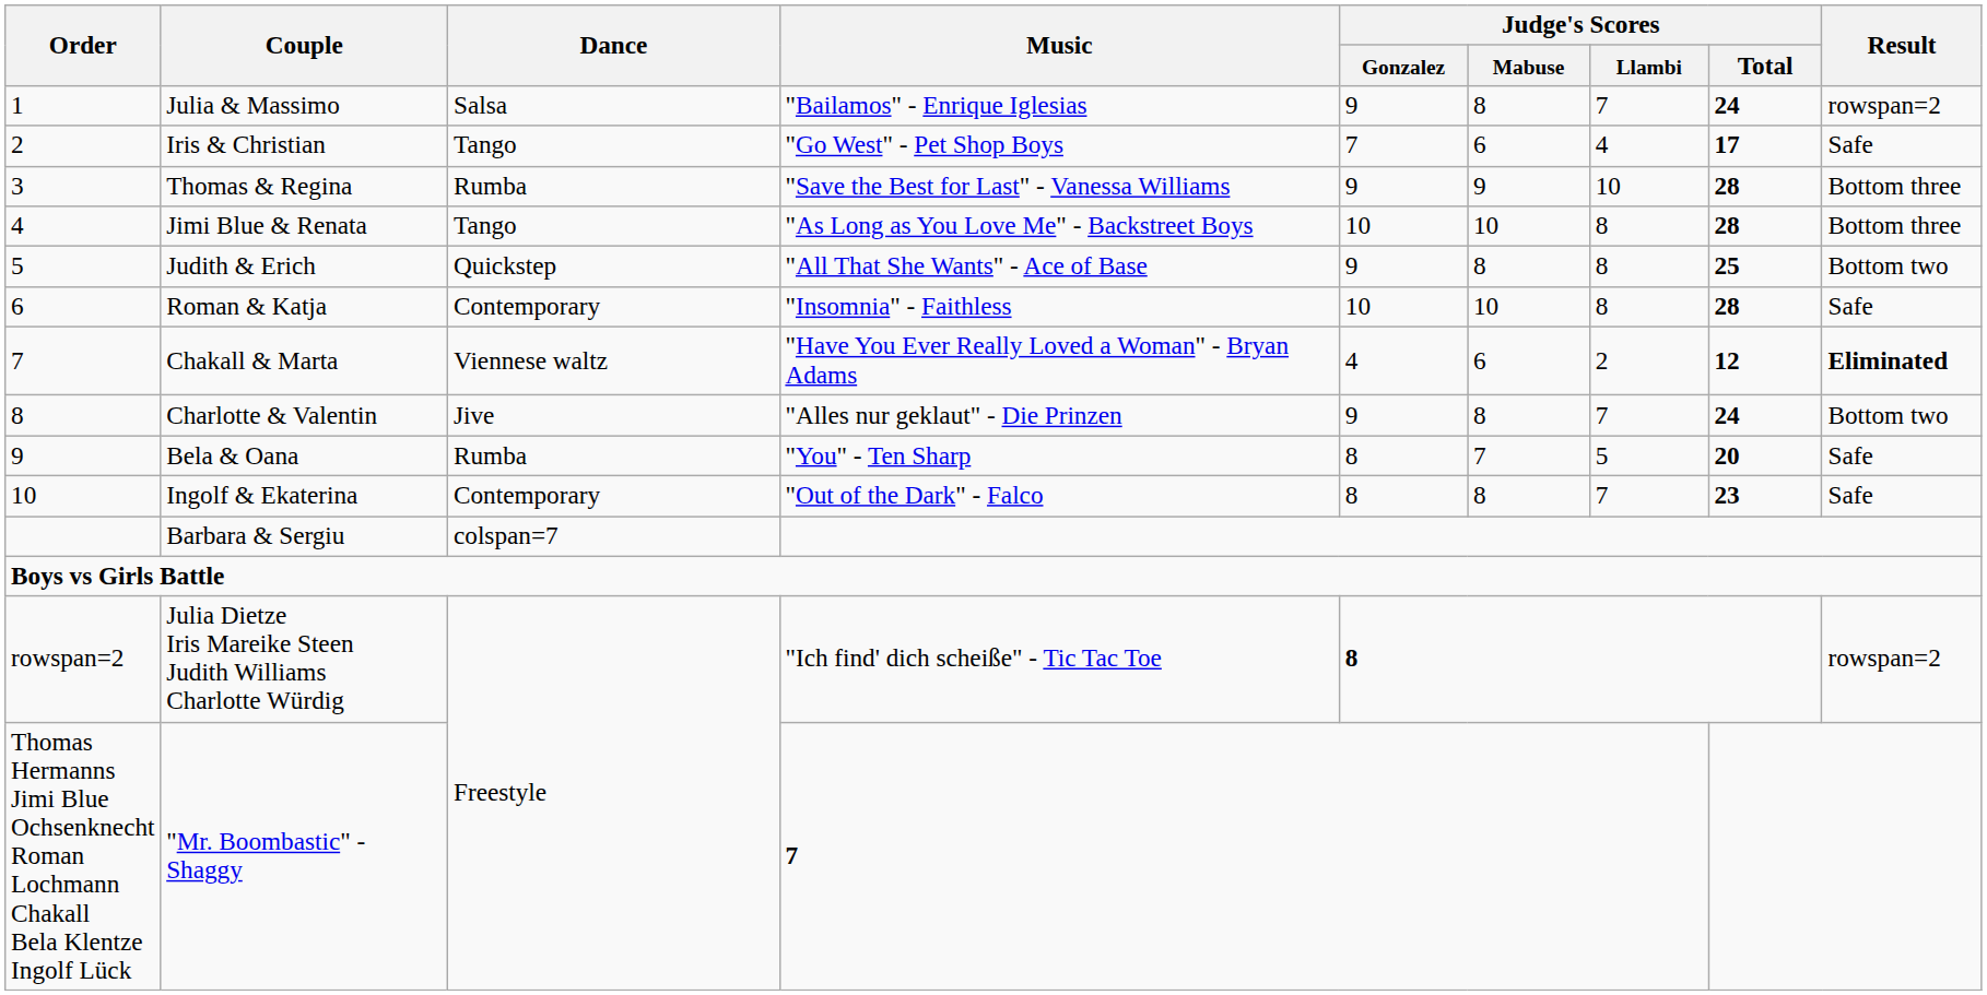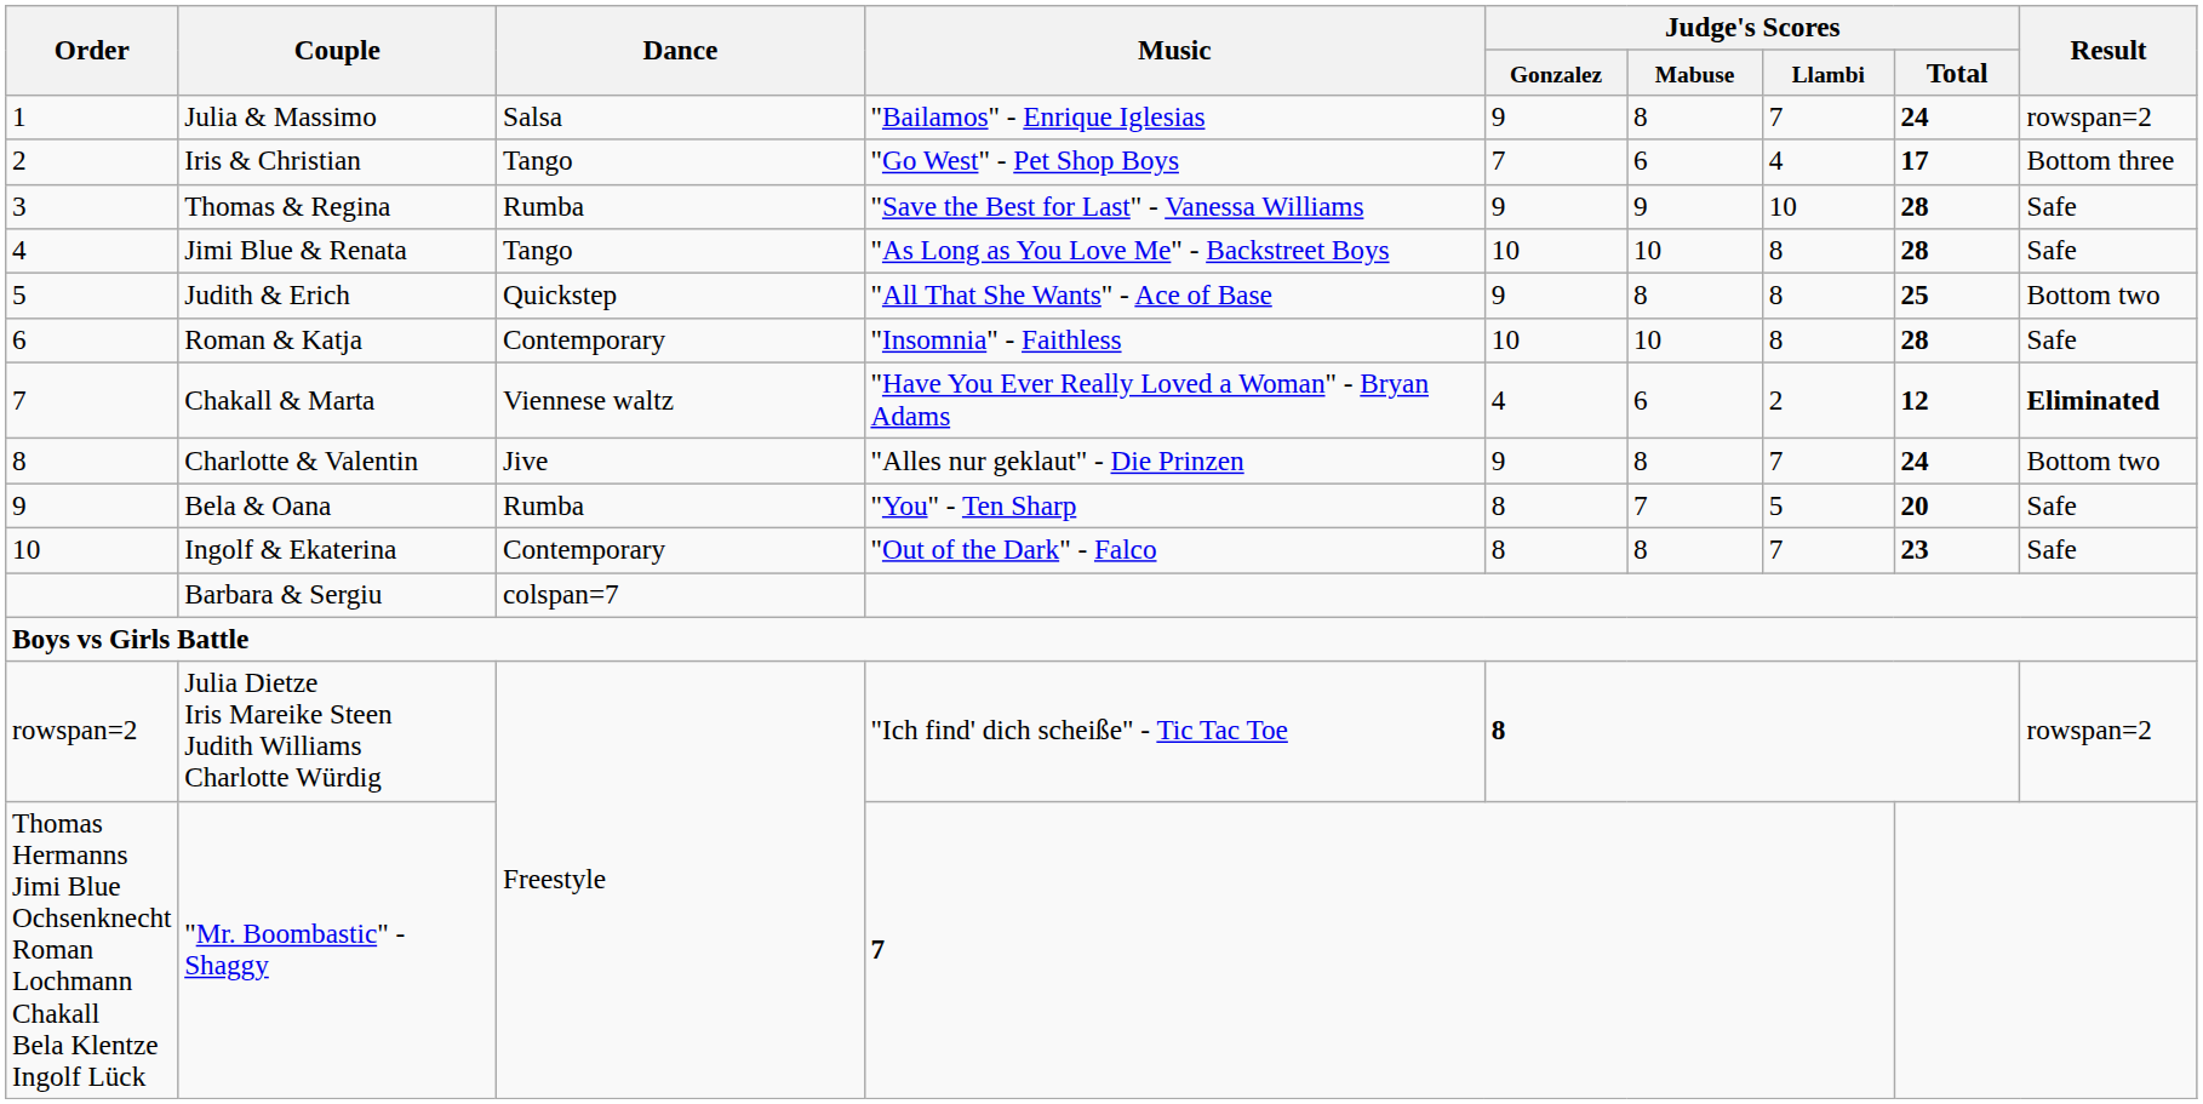 <table class="wikitable sortable center">
 <tr>
 <th rowspan="2" style="width: 4em">Order</th>
 <th rowspan="2" style="width: 17em">Couple</th>
 <th rowspan="2" style="width: 20em">Dance</th>
 <th rowspan="2" style="width: 40em">Music</th>
 <th colspan="4">Judge's Scores</th>
 <th rowspan="2" style="width: 7em">Result</th>
 </tr>
 <tr>
 <th style="width: 6em"><small> Gonzalez</small></th>
 <th style="width: 6em"><small> Mabuse</small></th>
 <th style="width: 6em"><small> Llambi</small></th>
 <th style="width: 6em">Total</th>
 </tr>
 <tr>
 <td>1</td>
 <td>Julia & Massimo</td>
 <td>Salsa</td>
 <td>"<a href='#'>Bailamos</a>" - <a href='#'>Enrique Iglesias</a></td>
 <td>9</td>
 <td>8</td>
 <td>7</td>
 <td><strong>24</strong></td>
 <td>rowspan=2 </td>
 </tr>
 <tr>
 <td>2</td>
 <td>Iris & Christian</td>
 <td>Tango</td>
 <td>"<a href='#'>Go West</a>" - <a href='#'>Pet Shop Boys</a></td>
 <td>7</td>
 <td>6</td>
 <td>4</td>
 <td><strong>17</strong></td>
-<td>Safe</td>
+<td>Bottom three</td>
 </tr>
 <tr>
 <td>3</td>
 <td>Thomas & Regina</td>
 <td>Rumba</td>
 <td>"<a href='#'>Save the Best for Last</a>" - <a href='#'>Vanessa Williams</a></td>
 <td>9</td>
 <td>9</td>
 <td>10</td>
 <td><strong>28</strong></td>
-<td>Bottom three</td>
+<td>Safe</td>
 </tr>
 <tr>
 <td>4</td>
 <td>Jimi Blue & Renata</td>
 <td>Tango</td>
 <td>"<a href='#'>As Long as You Love Me</a>" - <a href='#'>Backstreet Boys</a></td>
 <td>10</td>
 <td>10</td>
 <td>8</td>
 <td><strong>28</strong></td>
-<td>Bottom three</td>
+<td>Safe</td>
 </tr>
 <tr>
 <td>5</td>
 <td>Judith & Erich</td>
 <td>Quickstep</td>
 <td>"<a href='#'>All That She Wants</a>" - <a href='#'>Ace of Base</a></td>
 <td>9</td>
 <td>8</td>
 <td>8</td>
 <td><strong>25</strong></td>
 <td>Bottom two</td>
 </tr>
 <tr>
 <td>6</td>
 <td>Roman & Katja</td>
 <td>Contemporary</td>
 <td>"<a href='#'>Insomnia</a>" - <a href='#'>Faithless</a></td>
 <td>10</td>
 <td>10</td>
 <td>8</td>
 <td><strong>28</strong></td>
 <td>Safe</td>
 </tr>
 <tr>
 <td>7</td>
 <td>Chakall & Marta</td>
 <td>Viennese waltz</td>
 <td>"<a href='#'>Have You Ever Really Loved a Woman</a>" - <a href='#'>Bryan Adams</a></td>
 <td>4</td>
 <td>6</td>
 <td>2</td>
 <td><strong>12</strong></td>
 <td><strong>Eliminated</strong></td>
 </tr>
 <tr>
 <td>8</td>
 <td>Charlotte & Valentin</td>
 <td>Jive</td>
 <td>"Alles nur geklaut" - <a href='#'>Die Prinzen</a></td>
 <td>9</td>
 <td>8</td>
 <td>7</td>
 <td><strong>24</strong></td>
 <td>Bottom two</td>
 </tr>
 <tr>
 <td>9</td>
 <td>Bela & Oana</td>
 <td>Rumba</td>
 <td>"<a href='#'>You</a>" - <a href='#'>Ten Sharp</a></td>
 <td>8</td>
 <td>7</td>
 <td>5</td>
 <td><strong>20</strong></td>
 <td>Safe</td>
 </tr>
 <tr>
 <td>10</td>
 <td>Ingolf & Ekaterina</td>
 <td>Contemporary</td>
 <td>"<a href='#'>Out of the Dark</a>" - <a href='#'>Falco</a></td>
 <td>8</td>
 <td>8</td>
 <td>7</td>
 <td><strong>23</strong></td>
 <td>Safe</td>
 </tr>
 <tr>
 <td></td>
 <td>Barbara & Sergiu</td>
 <td>colspan=7 </td>
 </tr>
 <tr>
 <td colspan=9><strong>Boys vs Girls Battle</strong></td>
 </tr>
 <tr>
 <td>rowspan=2 </td>
 <td>Julia Dietze<br>Iris Mareike Steen<br>Judith Williams<br>Charlotte Würdig</td>
 <td rowspan="2">Freestyle</td>
 <td>"Ich find' dich scheiße" - <a href='#'>Tic Tac Toe</a></td>
 <td colspan=4><strong>8</strong></td>
 <td>rowspan=2 </td>
 </tr>
 <tr>
 <td>Thomas Hermanns<br>Jimi Blue Ochsenknecht<br>Roman Lochmann<br>Chakall<br>Bela Klentze<br>Ingolf Lück</td>
 <td>"<a href='#'>Mr. Boombastic</a>" - <a href='#'>Shaggy</a></td>
 <td colspan=4><strong>7</strong></td>
 </tr>
 </table>
